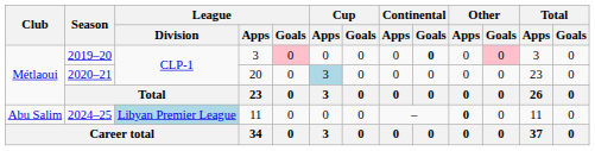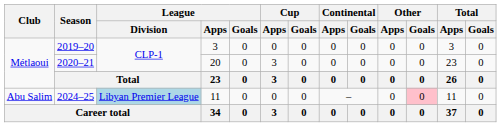 <table class="wikitable" style="text-align: center">
 <tr>
 <th rowspan="2">Club</th>
 <th rowspan="2">Season</th>
 <th colspan="3">League</th>
 <th colspan="2">Cup</th>
 <th colspan="2">Continental</th>
 <th colspan="2">Other</th>
 <th colspan="2">Total</th>
 </tr>
 <tr>
 <th>Division</th>
 <th>Apps</th>
 <th>Goals</th>
 <th>Apps</th>
 <th>Goals</th>
 <th>Apps</th>
 <th>Goals</th>
 <th>Apps</th>
 <th>Goals</th>
 <th>Apps</th>
 <th>Goals</th>
 </tr>
 <tr>
 <td rowspan="3"><a href='#'>Métlaoui</a></td>
 <td><a href='#'>2019–20</a></td>
 <td rowspan="2"><a href='#'>CLP-1</a></td>
 <td>3</td>
-<td style="background: pink;">0</td>
 <td>0</td>
 <td>0</td>
 <td>0</td>
-<td><strong>0</strong></td>
 <td>0</td>
-<td style="background: pink;">0</td>
+<td>0</td>
+<td>0</td>
+<td>0</td>
 <td>3</td>
 <td>0</td>
 </tr>
 <tr>
 <td><a href='#'>2020–21</a></td>
 <td>20</td>
 <td>0</td>
-<td style="background: lightblue;">3</td>
+<td>3</td>
 <td>0</td>
 <td>0</td>
 <td>0</td>
 <td>0</td>
 <td>0</td>
 <td>23</td>
 <td>0</td>
 </tr>
 <tr>
 <th colspan="2"><strong>Total</strong></th>
 <th>23</th>
 <th>0</th>
 <th>3</th>
 <th>0</th>
 <th>0</th>
 <th>0</th>
 <th>0</th>
 <th>0</th>
 <th>26</th>
 <th>0</th>
 </tr>
 <tr>
 <td><a href='#'>Abu Salim</a></td>
 <td><a href='#'>2024–25</a></td>
 <td style="background: lightblue;"><a href='#'>Libyan Premier League</a></td>
 <td>11</td>
 <td>0</td>
 <td>0</td>
 <td>0</td>
 <td colspan="2">–</td>
-<td><strong>0</strong></td>
 <td>0</td>
+<td style="background: pink;">0</td>
 <td>11</td>
 <td>0</td>
 </tr>
 <tr>
 <th colspan="3"><strong>Career total</strong></th>
 <th>34</th>
 <th>0</th>
 <th>3</th>
 <th>0</th>
 <th>0</th>
 <th>0</th>
 <th>0</th>
 <th>0</th>
 <th>37</th>
 <th>0</th>
 </tr>
 </table>
